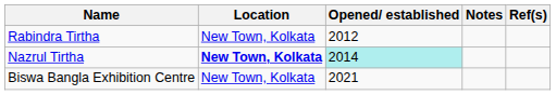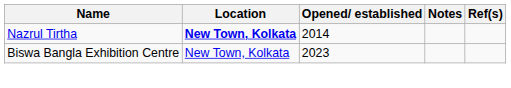 <table class="wikitable">
 <tr>
 <th>Name</th>
 <th>Location</th>
 <th>Opened/ established</th>
 <th>Notes</th>
 <th>Ref(s)</th>
 </tr>
 <tr>
-<td><a href='#'>Rabindra Tirtha</a></td>
-<td><a href='#'>New Town, Kolkata</a></td>
-<td>2012</td>
-<td></td>
-<td></td>
-</tr>
-<tr>
 <td><a href='#'>Nazrul Tirtha</a></td>
 <td><strong><a href='#'>New Town, Kolkata</a></strong></td>
-<td style="background: paleturquoise;">2014</td>
+<td>2014</td>
 <td></td>
 <td></td>
 </tr>
 <tr>
 <td>Biswa Bangla Exhibition Centre</td>
 <td><a href='#'>New Town, Kolkata</a></td>
-<td>2021</td>
+<td>2023</td>
 <td></td>
 <td></td>
 </tr>
 </table>
